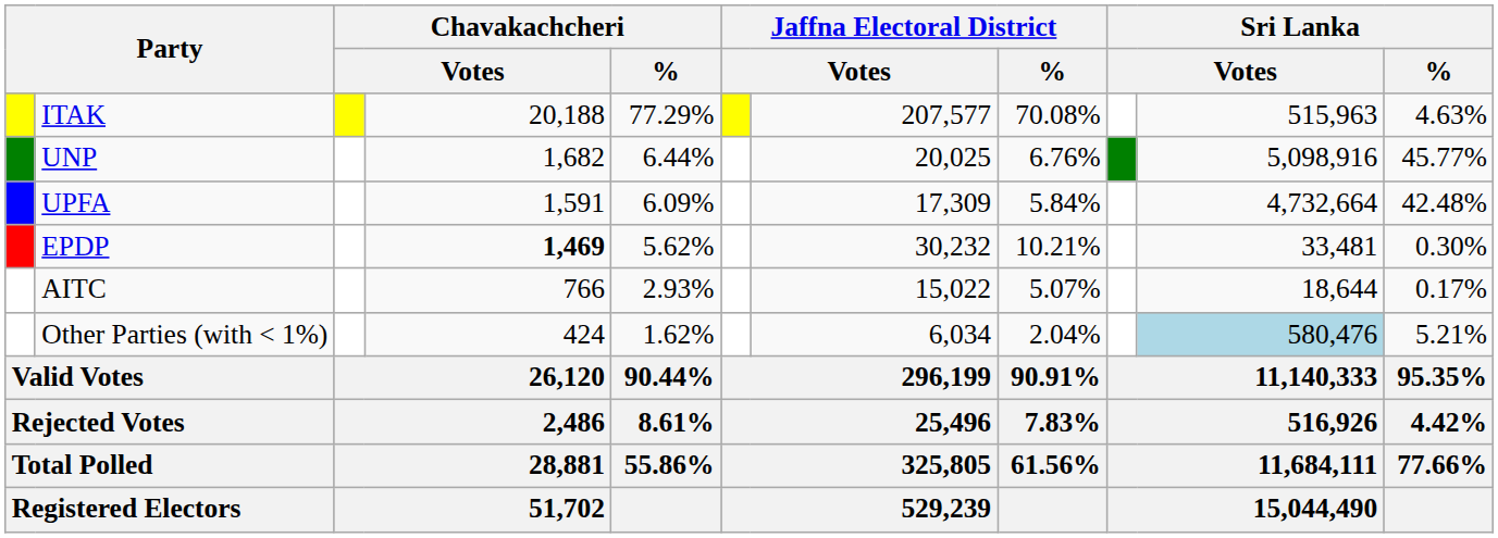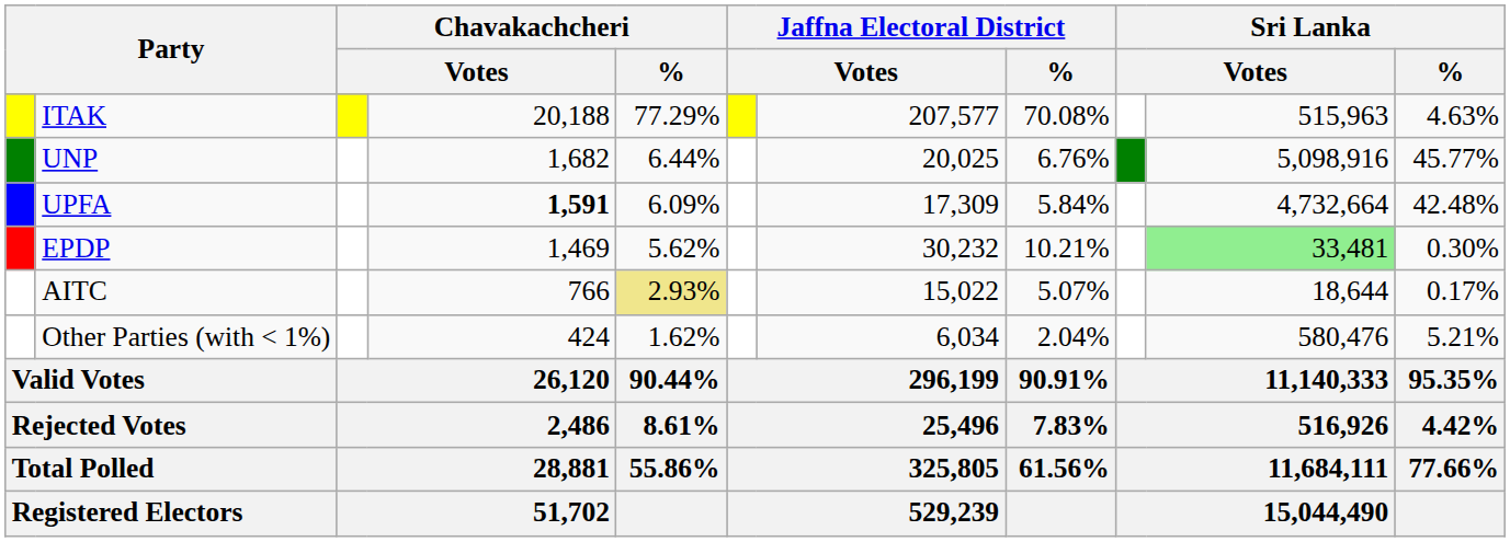 <table class="wikitable">
 <tr>
 <th colspan="2" width="144px"rowspan="2">Party</th>
 <th colspan="3" width="216px">Chavakachcheri</th>
 <th colspan="3" width="216px"><a href='#'>Jaffna Electoral District</a></th>
 <th colspan="3" width="216px">Sri Lanka</th>
 </tr>
 <tr>
 <th colspan="2" width="144px">Votes</th>
 <th>%</th>
 <th colspan="2" width="144px">Votes</th>
 <th>%</th>
 <th colspan="2" width="144px">Votes</th>
 <th>%</th>
 </tr>
 <tr>
 <td style="background-color:yellow;" width="10px"></td>
 <td style="text-align:left;"><a href='#'>ITAK</a></td>
 <td style="background-color:yellow;" width="10px"></td>
 <td style="text-align:right;">20,188</td>
 <td style="text-align:right;">77.29%</td>
 <td style="background-color:yellow;" width="10px"></td>
 <td style="text-align:right;">207,577</td>
 <td style="text-align:right;">70.08%</td>
 <td style="background-color:white;" width="10px"></td>
 <td style="text-align:right;">515,963</td>
 <td style="text-align:right;">4.63%</td>
 </tr>
 <tr>
 <td style="background-color:green;" width="10px"></td>
 <td style="text-align:left;"><a href='#'>UNP</a></td>
 <td style="background-color:white;" width="10px"></td>
 <td style="text-align:right;">1,682</td>
 <td style="text-align:right;">6.44%</td>
 <td style="background-color:white;" width="10px"></td>
 <td style="text-align:right;">20,025</td>
 <td style="text-align:right;">6.76%</td>
 <td style="background-color:green;" width="10px"></td>
 <td style="text-align:right;">5,098,916</td>
 <td style="text-align:right;">45.77%</td>
 </tr>
 <tr>
 <td style="background-color:blue;" width="10px"></td>
 <td style="text-align:left;"><a href='#'>UPFA</a></td>
 <td style="background-color:white;" width="10px"></td>
-<td style="text-align:right;">1,591</td>
+<td style="text-align:right;"><strong>1,591</strong></td>
 <td style="text-align:right;">6.09%</td>
 <td style="background-color:white;" width="10px"></td>
 <td style="text-align:right;">17,309</td>
 <td style="text-align:right;">5.84%</td>
 <td style="background-color:white;" width="10px"></td>
 <td style="text-align:right;">4,732,664</td>
 <td style="text-align:right;">42.48%</td>
 </tr>
 <tr>
 <td style="background-color:red;" width="10px"></td>
 <td style="text-align:left;"><a href='#'>EPDP</a></td>
 <td style="background-color:white;" width="10px"></td>
-<td style="text-align:right;"><strong>1,469</strong></td>
+<td style="text-align:right;">1,469</td>
 <td style="text-align:right;">5.62%</td>
 <td style="background-color:white;" width="10px"></td>
 <td style="text-align:right;">30,232</td>
 <td style="text-align:right;">10.21%</td>
 <td style="background-color:white;" width="10px"></td>
-<td style="text-align:right;">33,481</td>
+<td style="background: lightgreen; text-align:right;">33,481</td>
 <td style="text-align:right;">0.30%</td>
 </tr>
 <tr>
 <td style="background-color:white;" width="10px"></td>
 <td style="text-align:left;">AITC</td>
 <td style="background-color:white;" width="10px"></td>
 <td style="text-align:right;">766</td>
-<td style="text-align:right;">2.93%</td>
+<td style="background: khaki; text-align:right;">2.93%</td>
 <td style="background-color:white;" width="10px"></td>
 <td style="text-align:right;">15,022</td>
 <td style="text-align:right;">5.07%</td>
 <td style="background-color:white;" width="10px"></td>
 <td style="text-align:right;">18,644</td>
 <td style="text-align:right;">0.17%</td>
 </tr>
 <tr>
 <td style="background-color:white;" width="10px"></td>
 <td style="text-align:left;">Other Parties (with < 1%)</td>
 <td style="background-color:white;" width="10px"></td>
 <td style="text-align:right;">424</td>
 <td style="text-align:right;">1.62%</td>
 <td style="background-color:white;" width="10px"></td>
 <td style="text-align:right;">6,034</td>
 <td style="text-align:right;">2.04%</td>
 <td style="background-color:white;" width="10px"></td>
-<td style="background: lightblue; text-align:right;">580,476</td>
+<td style="text-align:right;">580,476</td>
 <td style="text-align:right;">5.21%</td>
 </tr>
 <tr>
 <th colspan="2" width="144px"style="text-align:left;">Valid Votes</th>
 <th style="text-align:right;"colspan="2" width="144px">26,120</th>
 <th style="text-align:right;">90.44%</th>
 <th style="text-align:right;"colspan="2" width="144px">296,199</th>
 <th style="text-align:right;">90.91%</th>
 <th style="text-align:right;"colspan="2" width="144px">11,140,333</th>
 <th style="text-align:right;">95.35%</th>
 </tr>
 <tr>
 <th colspan="2" width="144px"style="text-align:left;">Rejected Votes</th>
 <th style="text-align:right;"colspan="2" width="144px">2,486</th>
 <th style="text-align:right;">8.61%</th>
 <th style="text-align:right;"colspan="2" width="144px">25,496</th>
 <th style="text-align:right;">7.83%</th>
 <th style="text-align:right;"colspan="2" width="144px">516,926</th>
 <th style="text-align:right;">4.42%</th>
 </tr>
 <tr>
 <th colspan="2" width="144px"style="text-align:left;">Total Polled</th>
 <th style="text-align:right;"colspan="2" width="144px">28,881</th>
 <th style="text-align:right;">55.86%</th>
 <th style="text-align:right;"colspan="2" width="144px">325,805</th>
 <th style="text-align:right;">61.56%</th>
 <th style="text-align:right;"colspan="2" width="144px">11,684,111</th>
 <th style="text-align:right;">77.66%</th>
 </tr>
 <tr>
 <th colspan="2" width="144px"style="text-align:left;">Registered Electors</th>
 <th style="text-align:right;"colspan="2" width="144px">51,702</th>
 <th></th>
 <th style="text-align:right;"colspan="2" width="144px">529,239</th>
 <th></th>
 <th style="text-align:right;"colspan="2" width="144px">15,044,490</th>
 <th></th>
 </tr>
 </table>
